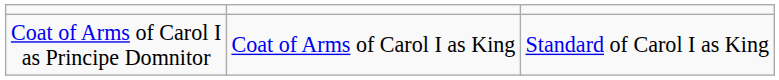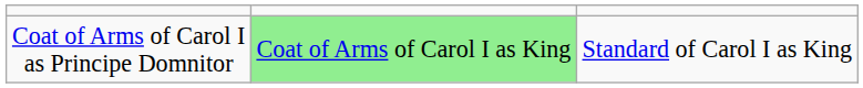 <table class="wikitable" style="margin:1em auto; text-align:center;">
 <tr>
 <td></td>
 <td></td>
 <td></td>
 </tr>
 <tr>
 <td><a href='#'>Coat of Arms</a> of Carol I <br>as Principe Domnitor</td>
-<td><a href='#'>Coat of Arms</a> of Carol I as King</td>
+<td style="background: lightgreen;"><a href='#'>Coat of Arms</a> of Carol I as King</td>
 <td><a href='#'>Standard</a> of Carol I as King</td>
 </tr>
 </table>
